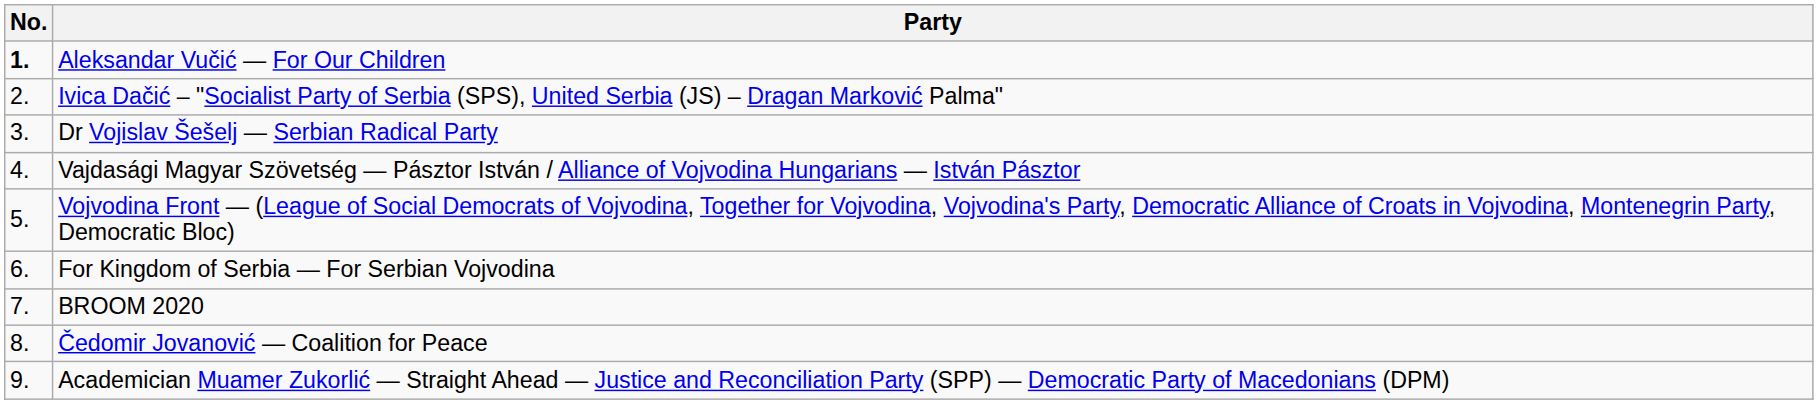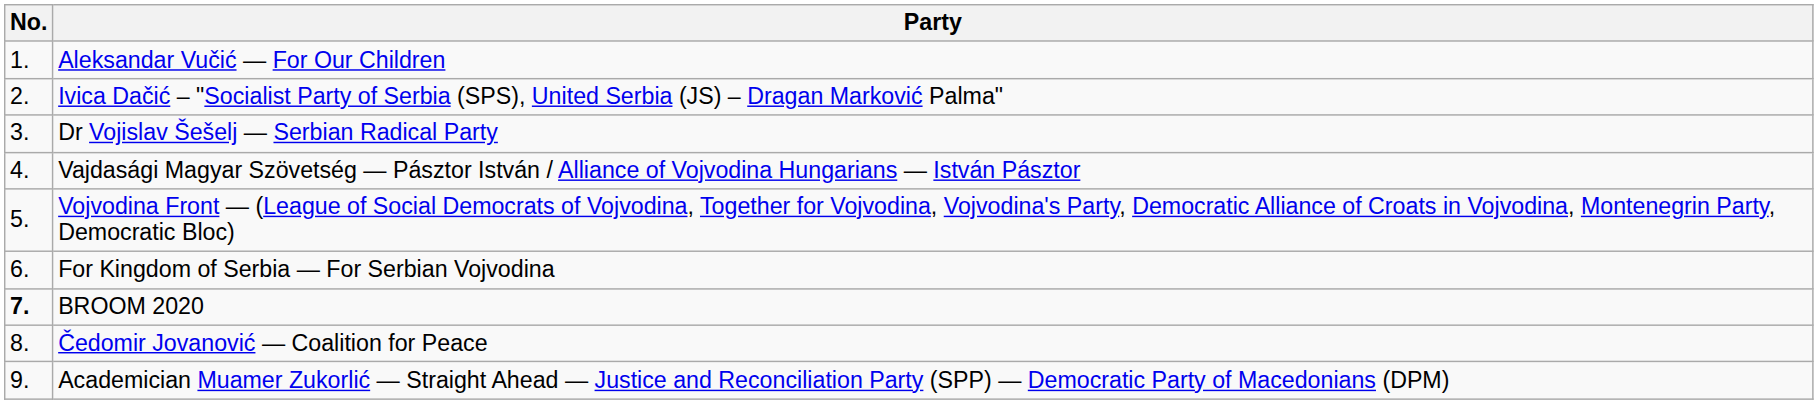 <table class="wikitable">
 <tr>
 <th>No.</th>
 <th>Party</th>
 </tr>
 <tr>
-<td><strong>1.</strong></td>
+<td>1.</td>
 <td><a href='#'>Aleksandar Vučić</a> — <a href='#'>For Our Children</a></td>
 </tr>
 <tr>
 <td>2.</td>
 <td><a href='#'>Ivica Dačić</a> – "<a href='#'>Socialist Party of Serbia</a> (SPS), <a href='#'>United Serbia</a> (JS) – <a href='#'>Dragan Marković</a> Palma"</td>
 </tr>
 <tr>
 <td>3.</td>
 <td>Dr <a href='#'>Vojislav Šešelj</a> — <a href='#'>Serbian Radical Party</a></td>
 </tr>
 <tr>
 <td>4.</td>
 <td>Vajdasági Magyar Szövetség — Pásztor István / <a href='#'>Alliance of Vojvodina Hungarians</a> — <a href='#'>István Pásztor</a></td>
 </tr>
 <tr>
 <td>5.</td>
 <td><a href='#'>Vojvodina Front</a> — (<a href='#'>League of Social Democrats of Vojvodina</a>, <a href='#'>Together for Vojvodina</a>, <a href='#'>Vojvodina's Party</a>, <a href='#'>Democratic Alliance of Croats in Vojvodina</a>, <a href='#'>Montenegrin Party</a>, Democratic Bloc)</td>
 </tr>
 <tr>
 <td>6.</td>
 <td>For Kingdom of Serbia — For Serbian Vojvodina</td>
 </tr>
 <tr>
-<td>7.</td>
+<td><strong>7.</strong></td>
 <td>BROOM 2020</td>
 </tr>
 <tr>
 <td>8.</td>
 <td><a href='#'>Čedomir Jovanović</a> — Coalition for Peace</td>
 </tr>
 <tr>
 <td>9.</td>
 <td>Academician <a href='#'>Muamer Zukorlić</a> — Straight Ahead — <a href='#'>Justice and Reconciliation Party</a> (SPP) — <a href='#'>Democratic Party of Macedonians</a> (DPM)</td>
 </tr>
 </table>
